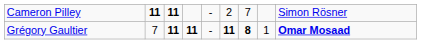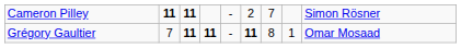 <table class="wikitable">
 <tr>
 <td width=200> <a href='#'>Cameron Pilley</a></td>
 <td style="width:20px; text-align:center;"><strong>11</strong></td>
 <td style="width:20px; text-align:center;"><strong>11</strong></td>
 <td style="width:20px; text-align:center;"></td>
 <td style="width:20px; text-align:center;">-</td>
 <td style="width:20px; text-align:center;">2</td>
 <td style="width:20px; text-align:center;">7</td>
 <td style="width:20px; text-align:center;"></td>
 <td width=200> <a href='#'>Simon Rösner</a></td>
 </tr>
 <tr>
 <td> <a href='#'>Grégory Gaultier</a></td>
 <td style="text-align:center;">7</td>
 <td style="text-align:center;"><strong>11</strong></td>
 <td style="text-align:center;"><strong>11</strong></td>
 <td style="text-align:center;">-</td>
 <td style="text-align:center;"><strong>11</strong></td>
-<td style="text-align:center;"><strong>8</strong></td>
+<td style="text-align:center;">8</td>
 <td style="text-align:center;">1</td>
-<td><strong> <a href='#'>Omar Mosaad</a></strong></td>
+<td> <a href='#'>Omar Mosaad</a></td>
 </tr>
 </table>
